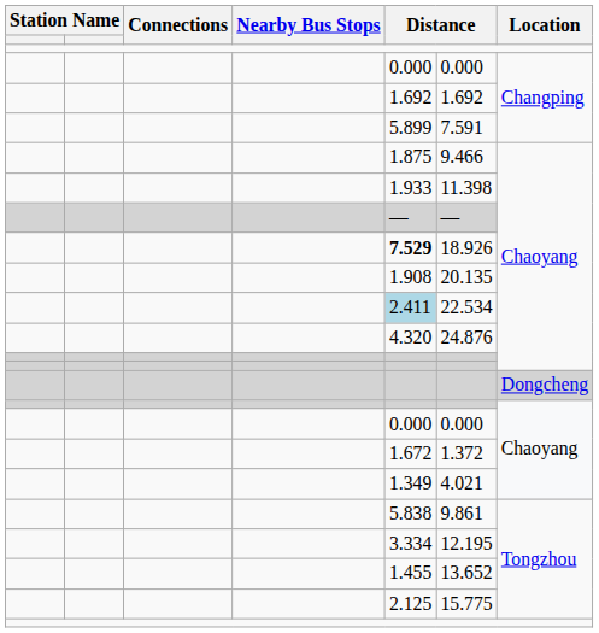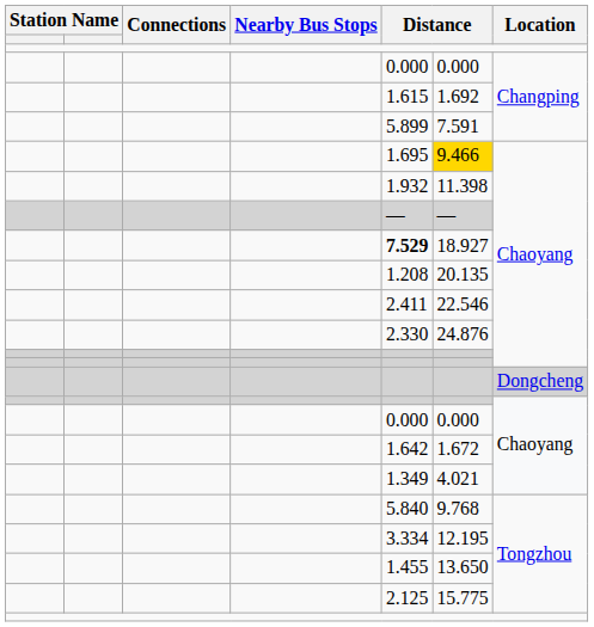 <table class="wikitable">
 <tr>
 <th colspan=2>Station Name</th>
 <th rowspan=2>Connections</th>
 <th rowspan="2"><a href='#'>Nearby Bus Stops</a></th>
 <th colspan=2 rowspan=2>Distance<br></th>
 <th rowspan="2">Location</th>
 </tr>
 <tr>
 <th></th>
 <th></th>
 </tr>
 <tr style=background:#>
 <td colspan=7></td>
 </tr>
 <tr>
 <td></td>
 <td></td>
 <td></td>
 <td></td>
 <td>0.000</td>
 <td>0.000</td>
 <td rowspan="3"><a href='#'>Changping</a></td>
 </tr>
 <tr>
 <td></td>
 <td></td>
 <td></td>
 <td></td>
-<td>1.692</td>
+<td>1.615</td>
 <td>1.692</td>
 </tr>
 <tr>
 <td></td>
 <td></td>
 <td></td>
 <td></td>
 <td>5.899</td>
 <td>7.591</td>
 </tr>
 <tr>
 <td></td>
 <td></td>
 <td></td>
 <td></td>
-<td>1.875</td>
-<td>9.466</td>
+<td>1.695</td>
+<td style="background: gold;">9.466</td>
 <td rowspan="9"><a href='#'>Chaoyang</a></td>
 </tr>
 <tr>
 <td></td>
 <td></td>
 <td></td>
 <td></td>
-<td>1.933</td>
+<td>1.932</td>
 <td>11.398</td>
 </tr>
 <tr bgcolor="lightgrey">
 <td></td>
 <td></td>
 <td> </td>
 <td></td>
 <td>—</td>
 <td>—</td>
 </tr>
 <tr>
 <td></td>
 <td></td>
 <td></td>
 <td></td>
 <td><strong>7.529</strong></td>
-<td>18.926</td>
+<td>18.927</td>
 </tr>
 <tr>
 <td></td>
 <td></td>
 <td></td>
 <td></td>
-<td>1.908</td>
+<td>1.208</td>
 <td>20.135</td>
 </tr>
 <tr>
 <td></td>
 <td></td>
 <td></td>
 <td></td>
-<td style="background: lightblue;">2.411</td>
-<td>22.534</td>
+<td>2.411</td>
+<td>22.546</td>
 </tr>
 <tr>
 <td></td>
 <td></td>
 <td></td>
 <td></td>
-<td>4.320</td>
+<td>2.330</td>
 <td>24.876</td>
 </tr>
 <tr bgcolor="lightgrey">
 <td></td>
 <td></td>
 <td> </td>
 <td></td>
 <td></td>
 <td></td>
 </tr>
 <tr bgcolor="lightgrey">
 <td></td>
 <td></td>
 <td></td>
 <td></td>
 <td></td>
 <td></td>
 </tr>
 <tr bgcolor="lightgrey">
 <td></td>
 <td></td>
 <td></td>
 <td></td>
 <td></td>
 <td></td>
 <td><a href='#'>Dongcheng</a></td>
 </tr>
 <tr bgcolor="lightgrey">
 <td></td>
 <td></td>
 <td></td>
 <td></td>
 <td></td>
 <td></td>
 <td bgcolor="#F8F9FA" rowspan="4">Chaoyang</td>
 </tr>
 <tr bgcolor="">
 <td></td>
 <td></td>
 <td> </td>
 <td></td>
 <td>0.000</td>
 <td>0.000</td>
 </tr>
 <tr bgcolor="">
 <td></td>
 <td></td>
 <td></td>
 <td></td>
+<td>1.642</td>
 <td>1.672</td>
-<td>1.372</td>
 </tr>
 <tr bgcolor="">
 <td></td>
 <td></td>
 <td></td>
 <td></td>
 <td>1.349</td>
 <td>4.021</td>
 </tr>
 <tr bgcolor="">
 <td></td>
 <td></td>
 <td></td>
 <td></td>
-<td>5.838</td>
-<td>9.861</td>
+<td>5.840</td>
+<td>9.768</td>
 <td rowspan="4"><a href='#'>Tongzhou</a></td>
 </tr>
 <tr bgcolor="">
 <td></td>
 <td></td>
 <td></td>
 <td></td>
 <td>3.334</td>
 <td>12.195</td>
 </tr>
 <tr bgcolor="">
 <td></td>
 <td></td>
 <td></td>
 <td></td>
 <td>1.455</td>
-<td>13.652</td>
+<td>13.650</td>
 </tr>
 <tr bgcolor="">
 <td></td>
 <td></td>
 <td></td>
 <td></td>
 <td>2.125</td>
 <td>15.775</td>
 </tr>
 <tr style=background:#>
 <td colspan=7></td>
 </tr>
 </table>
